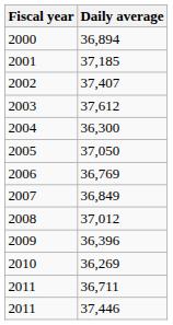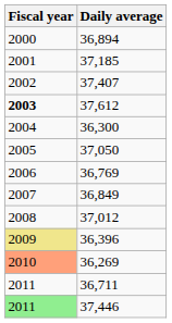 <table class="wikitable">
 <tr>
 <th>Fiscal year</th>
 <th>Daily average</th>
 </tr>
 <tr>
 <td>2000</td>
 <td>36,894</td>
 </tr>
 <tr>
 <td>2001</td>
 <td>37,185</td>
 </tr>
 <tr>
 <td>2002</td>
 <td>37,407</td>
 </tr>
 <tr>
-<td>2003</td>
+<td><strong>2003</strong></td>
 <td>37,612</td>
 </tr>
 <tr>
 <td>2004</td>
 <td>36,300</td>
 </tr>
 <tr>
 <td>2005</td>
 <td>37,050</td>
 </tr>
 <tr>
 <td>2006</td>
 <td>36,769</td>
 </tr>
 <tr>
 <td>2007</td>
 <td>36,849</td>
 </tr>
 <tr>
 <td>2008</td>
 <td>37,012</td>
 </tr>
 <tr>
-<td>2009</td>
+<td style="background: khaki;">2009</td>
 <td>36,396</td>
 </tr>
 <tr>
-<td>2010</td>
+<td style="background: lightsalmon;">2010</td>
 <td>36,269</td>
 </tr>
 <tr>
 <td>2011</td>
 <td>36,711</td>
 </tr>
 <tr>
-<td>2011</td>
+<td style="background: lightgreen;">2011</td>
 <td>37,446</td>
 </tr>
 </table>
